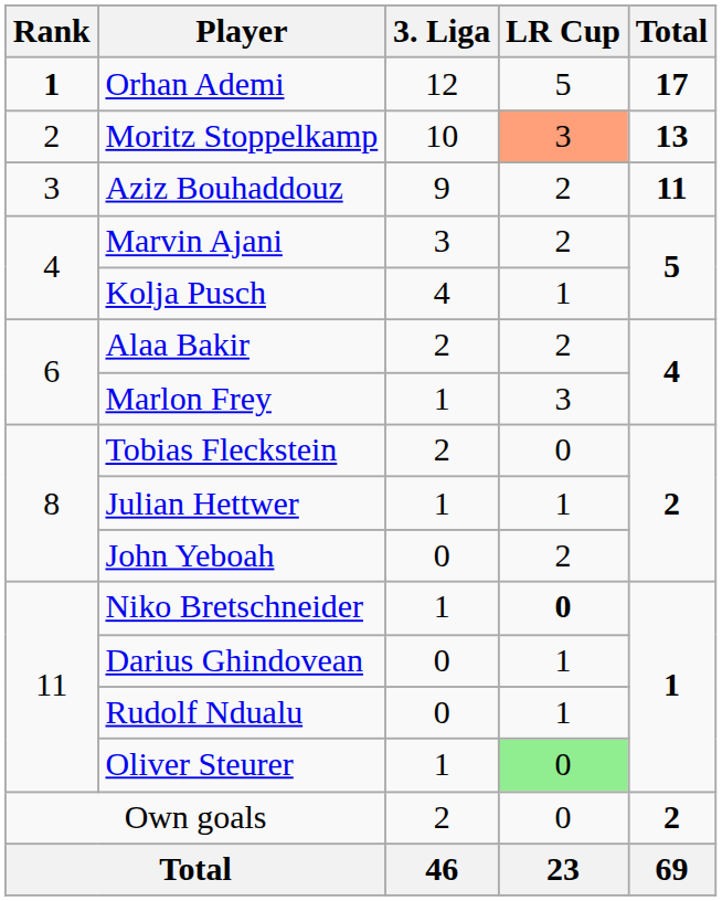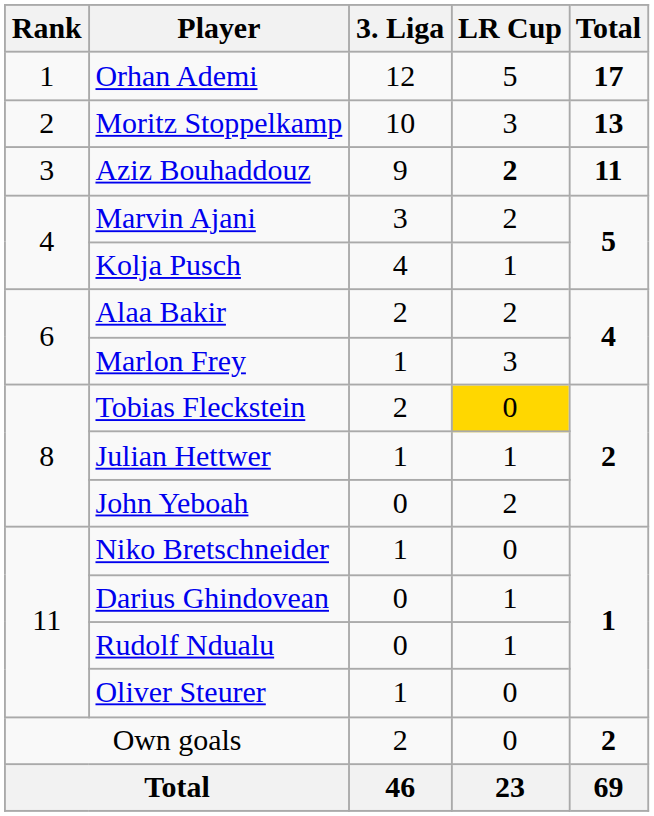 <table class="wikitable" style="text-align:center;">
 <tr>
 <th>Rank</th>
 <th>Player</th>
 <th>3. Liga</th>
 <th>LR Cup</th>
 <th>Total</th>
 </tr>
 <tr>
-<td><strong>1</strong></td>
+<td>1</td>
 <td align=left> <a href='#'>Orhan Ademi</a></td>
 <td>12</td>
 <td>5</td>
 <td><strong>17</strong></td>
 </tr>
 <tr>
 <td>2</td>
 <td align=left> <a href='#'>Moritz Stoppelkamp</a></td>
 <td>10</td>
-<td style="background: lightsalmon;">3</td>
+<td>3</td>
 <td><strong>13</strong></td>
 </tr>
 <tr>
 <td>3</td>
 <td align=left> <a href='#'>Aziz Bouhaddouz</a></td>
 <td>9</td>
-<td>2</td>
+<td><strong>2</strong></td>
 <td><strong>11</strong></td>
 </tr>
 <tr>
 <td rowspan=2>4</td>
 <td align=left> <a href='#'>Marvin Ajani</a></td>
 <td>3</td>
 <td>2</td>
 <td rowspan=2><strong>5</strong></td>
 </tr>
 <tr>
 <td align=left> <a href='#'>Kolja Pusch</a></td>
 <td>4</td>
 <td>1</td>
 </tr>
 <tr>
 <td rowspan=2>6</td>
 <td align=left> <a href='#'>Alaa Bakir</a></td>
 <td>2</td>
 <td>2</td>
 <td rowspan=2><strong>4</strong></td>
 </tr>
 <tr>
 <td align=left> <a href='#'>Marlon Frey</a></td>
 <td>1</td>
 <td>3</td>
 </tr>
 <tr>
 <td rowspan=3>8</td>
 <td align=left> <a href='#'>Tobias Fleckstein</a></td>
 <td>2</td>
-<td>0</td>
+<td style="background: gold;">0</td>
 <td rowspan=3><strong>2</strong></td>
 </tr>
 <tr>
 <td align=left> <a href='#'>Julian Hettwer</a></td>
 <td>1</td>
 <td>1</td>
 </tr>
 <tr>
 <td align=left> <a href='#'>John Yeboah</a></td>
 <td>0</td>
 <td>2</td>
 </tr>
 <tr>
 <td rowspan=4>11</td>
 <td align=left> <a href='#'>Niko Bretschneider</a></td>
 <td>1</td>
-<td><strong>0</strong></td>
+<td>0</td>
 <td rowspan=4><strong>1</strong></td>
 </tr>
 <tr>
 <td align=left> <a href='#'>Darius Ghindovean</a></td>
 <td>0</td>
 <td>1</td>
 </tr>
 <tr>
 <td align=left> <a href='#'>Rudolf Ndualu</a></td>
 <td>0</td>
 <td>1</td>
 </tr>
 <tr>
 <td align=left> <a href='#'>Oliver Steurer</a></td>
 <td>1</td>
-<td style="background: lightgreen;">0</td>
+<td>0</td>
 </tr>
 <tr>
 <td align=center colspan=2>Own goals</td>
 <td>2</td>
 <td>0</td>
 <td><strong>2</strong></td>
 </tr>
 <tr>
 <th colspan=2>Total</th>
 <th>46</th>
 <th>23</th>
 <th>69</th>
 </tr>
 </table>
